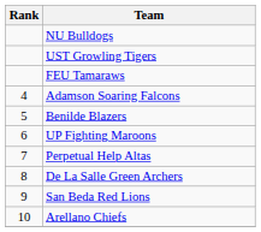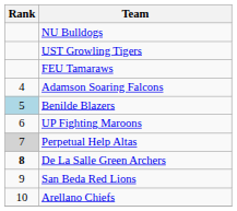 <table class="wikitable" style="text-align: center">
 <tr>
 <th width=40>Rank</th>
 <th width=260>Team </th>
 </tr>
 <tr>
 <td></td>
 <td align="left"><a href='#'>NU Bulldogs</a></td>
 </tr>
 <tr>
 <td></td>
 <td align="left"><a href='#'>UST Growling Tigers</a></td>
 </tr>
 <tr>
 <td></td>
 <td align="left"><a href='#'>FEU Tamaraws</a></td>
 </tr>
 <tr>
 <td>4</td>
 <td align="left"><a href='#'>Adamson Soaring Falcons</a></td>
 </tr>
 <tr>
-<td>5</td>
+<td style="background: lightblue;">5</td>
 <td align="left"><a href='#'>Benilde Blazers</a></td>
 </tr>
 <tr>
 <td>6</td>
 <td align="left"><a href='#'>UP Fighting Maroons</a></td>
 </tr>
 <tr>
-<td>7</td>
+<td style="background: lightgrey;">7</td>
 <td align="left"><a href='#'>Perpetual Help Altas</a></td>
 </tr>
 <tr>
-<td>8</td>
+<td><strong>8</strong></td>
 <td align="left"><a href='#'>De La Salle Green Archers</a></td>
 </tr>
 <tr>
 <td>9</td>
 <td align="left"><a href='#'>San Beda Red Lions</a></td>
 </tr>
 <tr>
 <td>10</td>
 <td align="left"><a href='#'>Arellano Chiefs</a></td>
 </tr>
 <tr>
 </tr>
 </table>
